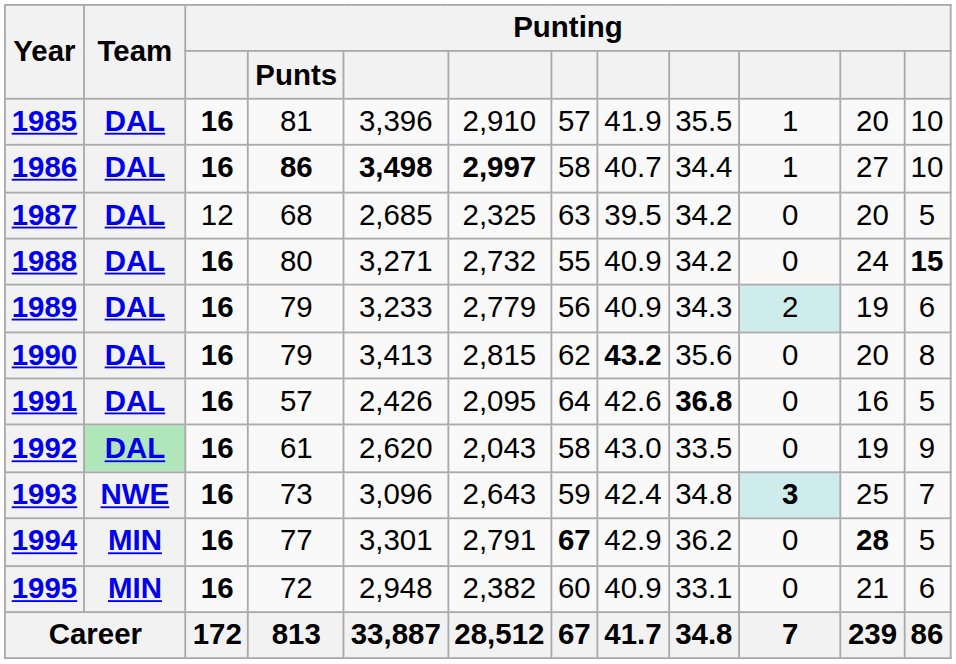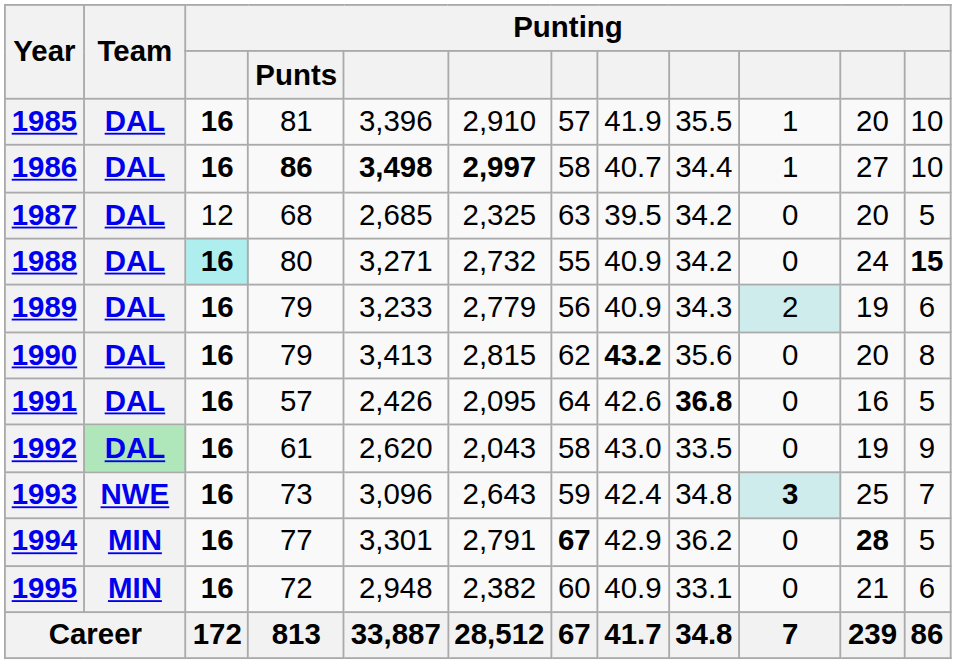 <table class=wikitable style="text-align:center;">
 <tr>
 <th rowspan="2">Year</th>
 <th rowspan="2">Team</th>
 <th colspan="10">Punting</th>
 </tr>
 <tr>
 <th></th>
 <th>Punts</th>
 <th></th>
 <th></th>
 <th></th>
 <th></th>
 <th></th>
 <th></th>
 <th></th>
 <th></th>
 </tr>
 <tr>
 <th><a href='#'>1985</a></th>
 <th><a href='#'>DAL</a></th>
 <td><strong>16</strong></td>
 <td>81</td>
 <td>3,396</td>
 <td>2,910</td>
 <td>57</td>
 <td>41.9</td>
 <td>35.5</td>
 <td>1</td>
 <td>20</td>
 <td>10</td>
 </tr>
 <tr>
 <th><a href='#'>1986</a></th>
 <th><a href='#'>DAL</a></th>
 <td><strong>16</strong></td>
 <td><strong>86</strong></td>
 <td><strong>3,498</strong></td>
 <td><strong>2,997</strong></td>
 <td>58</td>
 <td>40.7</td>
 <td>34.4</td>
 <td>1</td>
 <td>27</td>
 <td>10</td>
 </tr>
 <tr>
 <th><a href='#'>1987</a></th>
 <th><a href='#'>DAL</a></th>
 <td>12</td>
 <td>68</td>
 <td>2,685</td>
 <td>2,325</td>
 <td>63</td>
 <td>39.5</td>
 <td>34.2</td>
 <td>0</td>
 <td>20</td>
 <td>5</td>
 </tr>
 <tr>
 <th><a href='#'>1988</a></th>
 <th><a href='#'>DAL</a></th>
-<td><strong>16</strong></td>
+<td style="background: paleturquoise;"><strong>16</strong></td>
 <td>80</td>
 <td>3,271</td>
 <td>2,732</td>
 <td>55</td>
 <td>40.9</td>
 <td>34.2</td>
 <td>0</td>
 <td>24</td>
 <td><strong>15</strong></td>
 </tr>
 <tr>
 <th><a href='#'>1989</a></th>
 <th><a href='#'>DAL</a></th>
 <td><strong>16</strong></td>
 <td>79</td>
 <td>3,233</td>
 <td>2,779</td>
 <td>56</td>
 <td>40.9</td>
 <td>34.3</td>
 <td style="background:#cfecec; width:3em;">2</td>
 <td>19</td>
 <td>6</td>
 </tr>
 <tr>
 <th><a href='#'>1990</a></th>
 <th><a href='#'>DAL</a></th>
 <td><strong>16</strong></td>
 <td>79</td>
 <td>3,413</td>
 <td>2,815</td>
 <td>62</td>
 <td><strong>43.2</strong></td>
 <td>35.6</td>
 <td>0</td>
 <td>20</td>
 <td>8</td>
 </tr>
 <tr>
 <th><a href='#'>1991</a></th>
 <th><a href='#'>DAL</a></th>
 <td><strong>16</strong></td>
 <td>57</td>
 <td>2,426</td>
 <td>2,095</td>
 <td>64</td>
 <td>42.6</td>
 <td><strong>36.8</strong></td>
 <td>0</td>
 <td>16</td>
 <td>5</td>
 </tr>
 <tr>
 <th><a href='#'>1992</a></th>
 <th style="background:#afe6ba; width:3em;"><a href='#'>DAL</a></th>
 <td><strong>16</strong></td>
 <td>61</td>
 <td>2,620</td>
 <td>2,043</td>
 <td>58</td>
 <td>43.0</td>
 <td>33.5</td>
 <td>0</td>
 <td>19</td>
 <td>9</td>
 </tr>
 <tr>
 <th><a href='#'>1993</a></th>
 <th><a href='#'>NWE</a></th>
 <td><strong>16</strong></td>
 <td>73</td>
 <td>3,096</td>
 <td>2,643</td>
 <td>59</td>
 <td>42.4</td>
 <td>34.8</td>
 <td style="background:#cfecec; width:3em;"><strong>3</strong></td>
 <td>25</td>
 <td>7</td>
 </tr>
 <tr>
 <th><a href='#'>1994</a></th>
 <th><a href='#'>MIN</a></th>
 <td><strong>16</strong></td>
 <td>77</td>
 <td>3,301</td>
 <td>2,791</td>
 <td><strong>67</strong></td>
 <td>42.9</td>
 <td>36.2</td>
 <td>0</td>
 <td><strong>28</strong></td>
 <td>5</td>
 </tr>
 <tr>
 <th><a href='#'>1995</a></th>
 <th><a href='#'>MIN</a></th>
 <td><strong>16</strong></td>
 <td>72</td>
 <td>2,948</td>
 <td>2,382</td>
 <td>60</td>
 <td>40.9</td>
 <td>33.1</td>
 <td>0</td>
 <td>21</td>
 <td>6</td>
 </tr>
 <tr>
 <th colspan="2">Career</th>
 <th>172</th>
 <th>813</th>
 <th>33,887</th>
 <th>28,512</th>
 <th>67</th>
 <th>41.7</th>
 <th>34.8</th>
 <th>7</th>
 <th>239</th>
 <th>86</th>
 </tr>
 </table>
